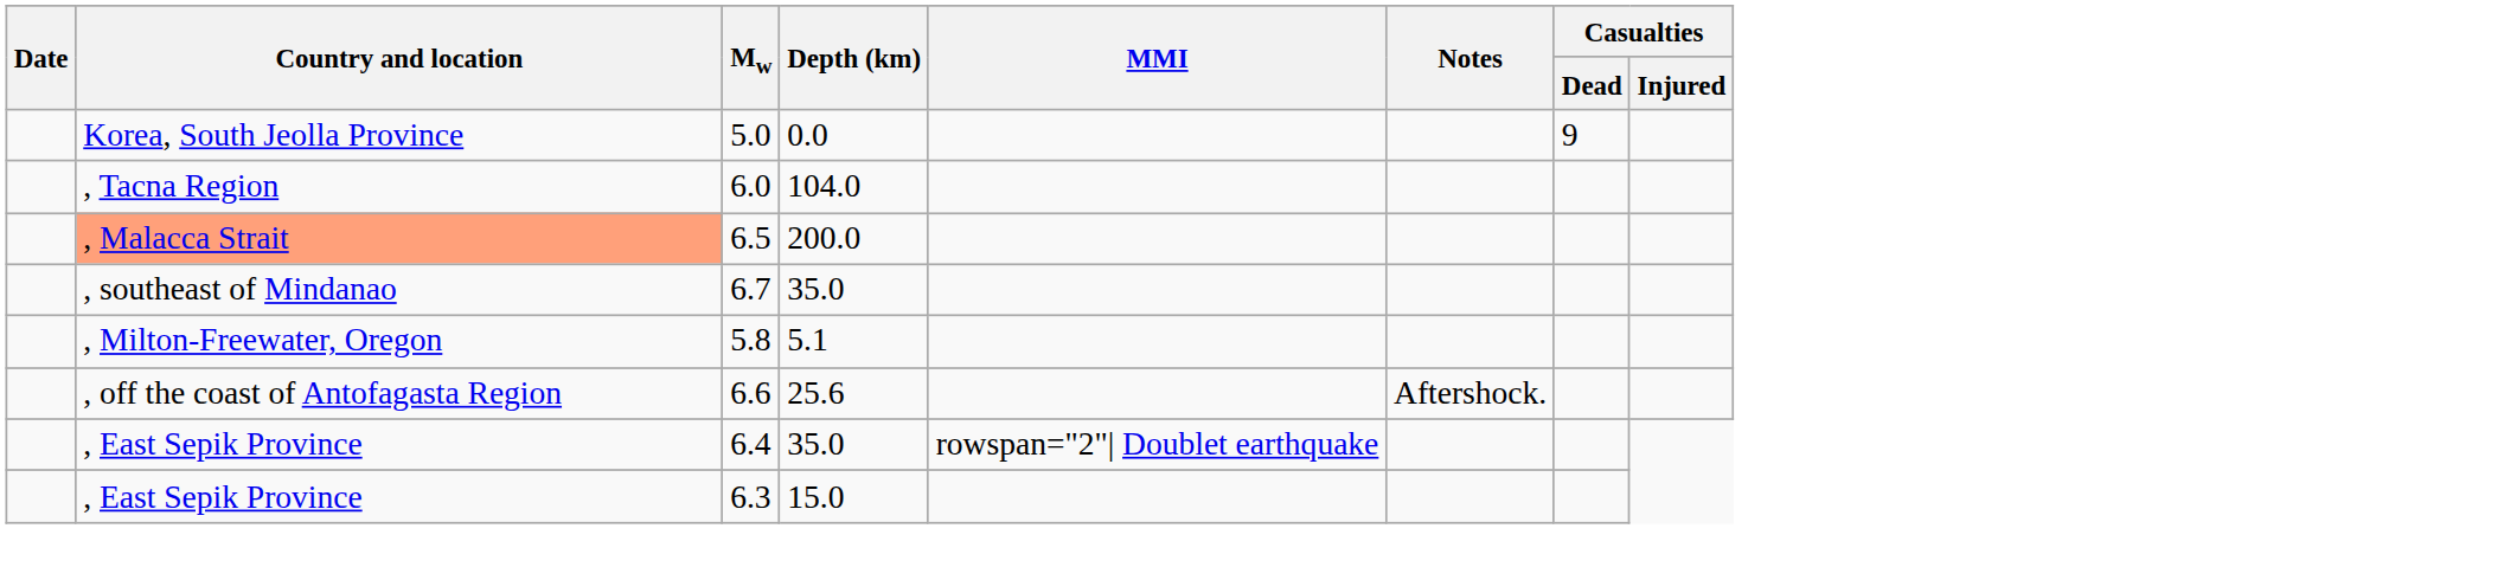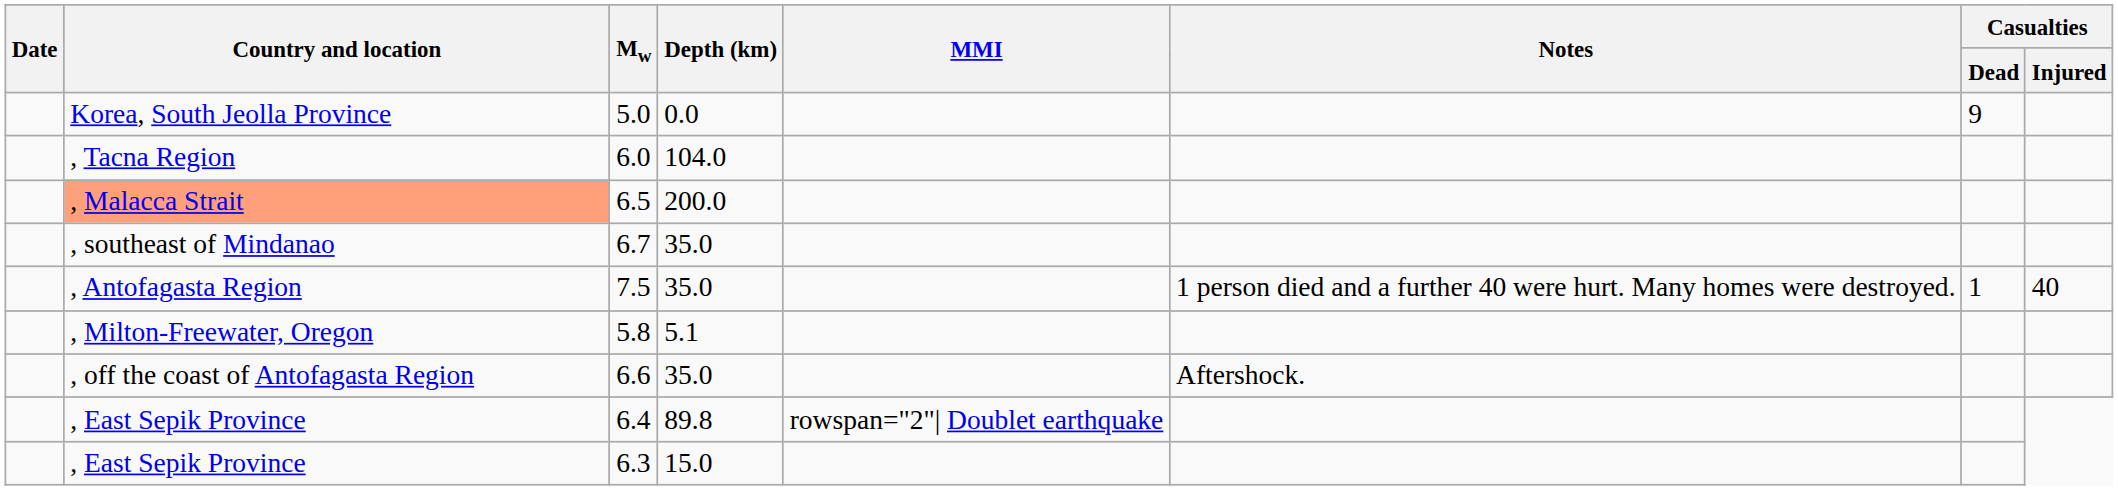 <table class="wikitable sortable sort-under" style="border:1px black; margin-left:1em;">
 <tr>
 <th rowspan="2"><small>Date</small></th>
 <th rowspan="2" style="width: 310px"><small>Country and location</small></th>
 <th rowspan="2"><small>M<sub>w</sub></small></th>
 <th rowspan="2"><small>Depth (km)</small></th>
 <th rowspan="2"><small><a href='#'>MMI</a></small></th>
 <th rowspan="2" class="unsortable"><small>Notes</small></th>
 <th colspan="2"><small>Casualties</small></th>
 </tr>
 <tr>
 <th><small>Dead</small></th>
 <th><small>Injured</small></th>
 </tr>
 <tr>
 <td></td>
 <td> <a href='#'>Korea</a>, <a href='#'>South Jeolla Province</a></td>
 <td>5.0</td>
 <td>0.0</td>
 <td></td>
 <td></td>
 <td>9</td>
 <td></td>
 </tr>
 <tr>
 <td></td>
 <td>, <a href='#'>Tacna Region</a></td>
 <td>6.0</td>
 <td>104.0</td>
 <td></td>
 <td></td>
 <td></td>
 <td></td>
 </tr>
 <tr>
 <td></td>
 <td style="background: lightsalmon;">, <a href='#'>Malacca Strait</a></td>
 <td>6.5</td>
 <td>200.0</td>
 <td></td>
 <td></td>
 <td></td>
 <td></td>
 </tr>
 <tr>
 <td></td>
 <td>, southeast of <a href='#'>Mindanao</a></td>
 <td>6.7</td>
 <td>35.0</td>
 <td></td>
 <td></td>
 <td></td>
 <td></td>
 </tr>
 <tr>
 <td></td>
+<td>, <a href='#'>Antofagasta Region</a></td>
+<td>7.5</td>
+<td>35.0</td>
+<td></td>
+<td>1 person died and a further 40 were hurt. Many homes were destroyed.</td>
+<td>1</td>
+<td>40</td>
+</tr>
+<tr>
+<td></td>
 <td>, <a href='#'>Milton-Freewater, Oregon</a></td>
 <td>5.8</td>
 <td>5.1</td>
 <td></td>
 <td></td>
 <td></td>
 <td></td>
 </tr>
 <tr>
 <td></td>
 <td>, off the coast of <a href='#'>Antofagasta Region</a></td>
 <td>6.6</td>
-<td>25.6</td>
+<td>35.0</td>
 <td></td>
 <td>Aftershock.</td>
 <td></td>
 <td></td>
 </tr>
 <tr>
 <td></td>
 <td>, <a href='#'>East Sepik Province</a></td>
 <td>6.4</td>
-<td>35.0</td>
+<td>89.8</td>
 <td>rowspan="2"| <a href='#'>Doublet earthquake</a></td>
 <td></td>
 <td></td>
 </tr>
 <tr>
 <td></td>
 <td>, <a href='#'>East Sepik Province</a></td>
 <td>6.3</td>
 <td>15.0</td>
 <td></td>
 <td></td>
 <td></td>
 </tr>
 </table>
